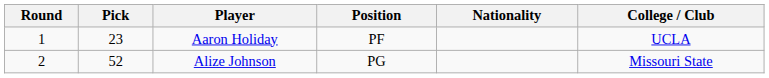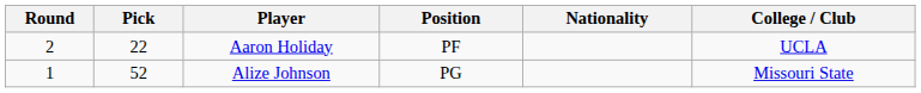 <table class="wikitable sortable sortable">
 <tr>
 <th width="75">Round</th>
 <th width="75">Pick</th>
 <th width="175">Player</th>
 <th width="125">Position</th>
 <th width="150">Nationality</th>
 <th width="200">College / Club</th>
 </tr>
 <tr style="text-align: center">
-<td>1</td>
-<td>23</td>
+<td>2</td>
+<td>22</td>
 <td><a href='#'>Aaron Holiday</a></td>
 <td>PF</td>
 <td></td>
 <td><a href='#'>UCLA</a></td>
 </tr>
 <tr style="text-align: center">
-<td>2</td>
+<td>1</td>
 <td>52</td>
 <td><a href='#'>Alize Johnson</a></td>
 <td>PG</td>
 <td></td>
 <td><a href='#'>Missouri State</a></td>
 </tr>
 </table>
